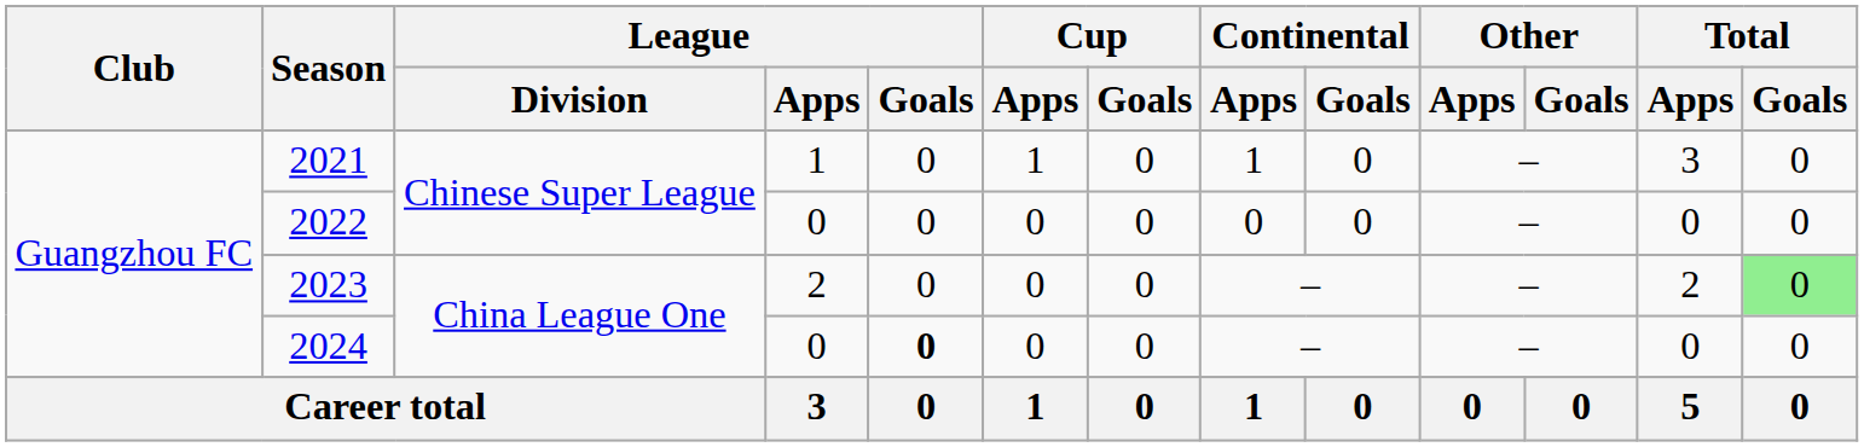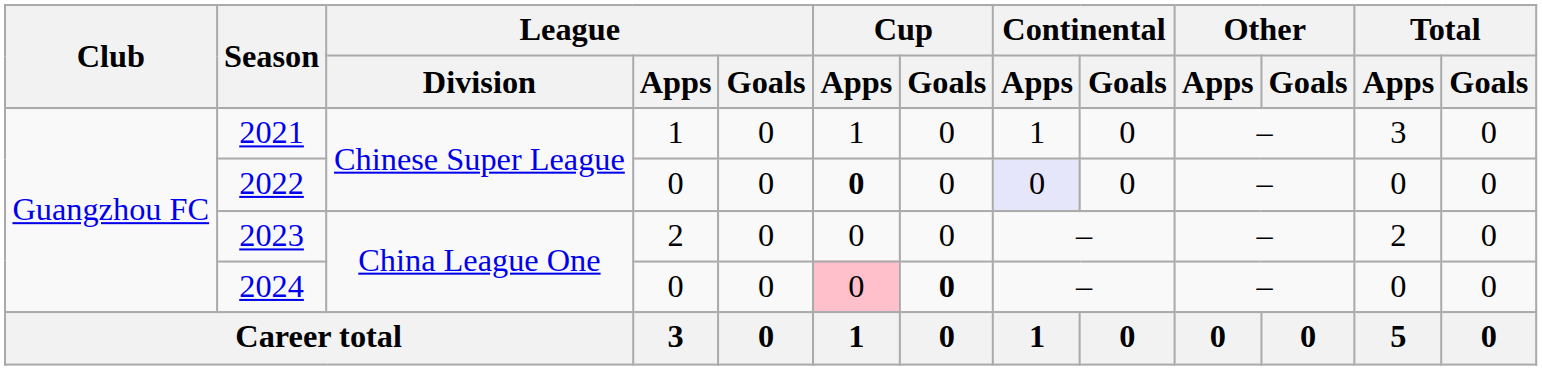 <table class="wikitable" style="text-align: center">
 <tr>
 <th rowspan="2">Club</th>
 <th rowspan="2">Season</th>
 <th colspan="3">League</th>
 <th colspan="2">Cup</th>
 <th colspan="2">Continental</th>
 <th colspan="2">Other</th>
 <th colspan="2">Total</th>
 </tr>
 <tr>
 <th>Division</th>
 <th>Apps</th>
 <th>Goals</th>
 <th>Apps</th>
 <th>Goals</th>
 <th>Apps</th>
 <th>Goals</th>
 <th>Apps</th>
 <th>Goals</th>
 <th>Apps</th>
 <th>Goals</th>
 </tr>
 <tr>
 <td rowspan=4><a href='#'>Guangzhou FC</a></td>
 <td><a href='#'>2021</a></td>
 <td rowspan=2><a href='#'>Chinese Super League</a></td>
 <td>1</td>
 <td>0</td>
 <td>1</td>
 <td>0</td>
 <td>1</td>
 <td>0</td>
 <td colspan="2">–</td>
 <td>3</td>
 <td>0</td>
 </tr>
 <tr>
 <td><a href='#'>2022</a></td>
 <td>0</td>
 <td>0</td>
+<td><strong>0</strong></td>
 <td>0</td>
-<td>0</td>
-<td>0</td>
+<td style="background: lavender;">0</td>
 <td>0</td>
 <td colspan="2">–</td>
 <td>0</td>
 <td>0</td>
 </tr>
 <tr>
 <td><a href='#'>2023</a></td>
 <td rowspan=2><a href='#'>China League One</a></td>
 <td>2</td>
 <td>0</td>
 <td>0</td>
 <td>0</td>
 <td colspan="2">–</td>
 <td colspan="2">–</td>
 <td>2</td>
-<td style="background: lightgreen;">0</td>
+<td>0</td>
 </tr>
 <tr>
 <td><a href='#'>2024</a></td>
 <td>0</td>
+<td>0</td>
+<td style="background: pink;">0</td>
 <td><strong>0</strong></td>
-<td>0</td>
-<td>0</td>
 <td colspan="2">–</td>
 <td colspan="2">–</td>
 <td>0</td>
 <td>0</td>
 </tr>
 <tr>
 <th colspan=3>Career total</th>
 <th>3</th>
 <th>0</th>
 <th>1</th>
 <th>0</th>
 <th>1</th>
 <th>0</th>
 <th>0</th>
 <th>0</th>
 <th>5</th>
 <th>0</th>
 </tr>
 </table>
